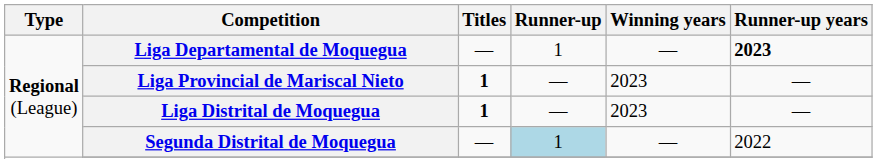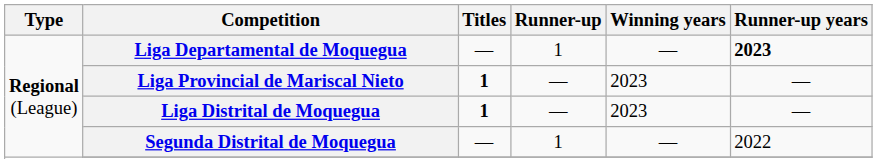 <table class="wikitable plainrowheaders" style="font-size:95%; text-align:center;">
 <tr>
 <th>Type</th>
 <th width=300px>Competition</th>
 <th>Titles</th>
 <th>Runner-up</th>
 <th>Winning years</th>
 <th>Runner-up years</th>
 </tr>
 <tr>
 <td rowspan=5><strong>Regional</strong><br>(League)</td>
 <th scope=col><a href='#'>Liga Departamental de Moquegua</a></th>
 <td style="text-align:center;">—</td>
 <td>1</td>
 <td style="text-align:center;">—</td>
 <td align="left"><strong>2023</strong></td>
 </tr>
 <tr>
 <th scope=col><a href='#'>Liga Provincial de Mariscal Nieto</a></th>
 <td><strong>1</strong></td>
 <td style="text-align:center;">—</td>
 <td align="left">2023</td>
 <td style="text-align:center;">—</td>
 </tr>
 <tr>
 <th scope=col><a href='#'>Liga Distrital de Moquegua</a></th>
 <td><strong>1</strong></td>
 <td style="text-align:center;">—</td>
 <td align="left">2023</td>
 <td style="text-align:center;">—</td>
 </tr>
 <tr>
 <th scope=col><a href='#'>Segunda Distrital de Moquegua</a></th>
 <td style="text-align:center;">—</td>
-<td style="background: lightblue;">1</td>
+<td>1</td>
 <td style="text-align:center;">—</td>
 <td align="left">2022</td>
 </tr>
 <tr>
 </tr>
 </table>
